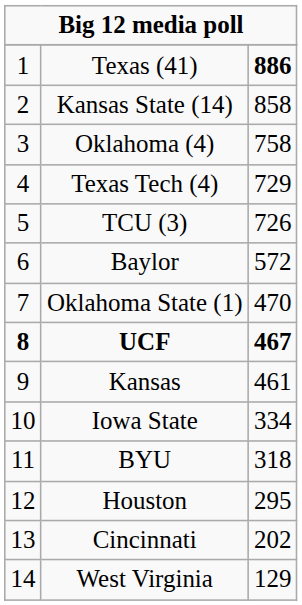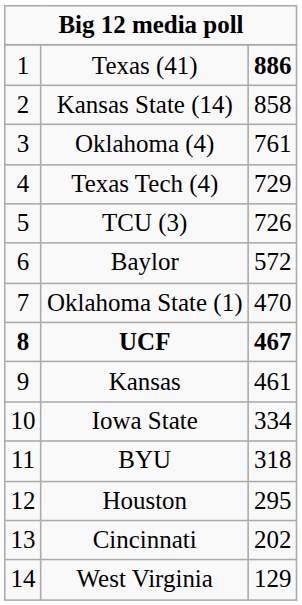 <table class="wikitable" style="display: inline-table;">
 <tr>
 <td align="center" Colspan="3"><strong>Big 12 media poll</strong></td>
 </tr>
 <tr align="center">
 </tr>
 <tr align="center">
 <td>1</td>
 <td>Texas (41)</td>
 <td><strong>886</strong></td>
 </tr>
 <tr align="center">
 <td>2</td>
 <td>Kansas State (14)</td>
 <td>858</td>
 </tr>
 <tr align="center">
 <td>3</td>
 <td>Oklahoma (4)</td>
-<td>758</td>
+<td>761</td>
 </tr>
 <tr align="center">
 <td>4</td>
 <td>Texas Tech (4)</td>
 <td>729</td>
 </tr>
 <tr align="center">
 <td>5</td>
 <td>TCU (3)</td>
 <td>726</td>
 </tr>
 <tr align="center">
 <td>6</td>
 <td>Baylor</td>
 <td>572</td>
 </tr>
 <tr align="center">
 <td>7</td>
 <td>Oklahoma State (1)</td>
 <td>470</td>
 </tr>
 <tr align="center">
 <td><strong>8</strong></td>
 <td><strong>UCF</strong></td>
 <td><strong>467</strong></td>
 </tr>
 <tr align="center">
 <td>9</td>
 <td>Kansas</td>
 <td>461</td>
 </tr>
 <tr align="center">
 <td>10</td>
 <td>Iowa State</td>
 <td>334</td>
 </tr>
 <tr align="center">
 <td>11</td>
 <td>BYU</td>
 <td>318</td>
 </tr>
 <tr align="center">
 <td>12</td>
 <td>Houston</td>
 <td>295</td>
 </tr>
 <tr align="center">
 <td>13</td>
 <td>Cincinnati</td>
 <td>202</td>
 </tr>
 <tr align="center">
 <td>14</td>
 <td>West Virginia</td>
 <td>129</td>
 </tr>
 </table>
